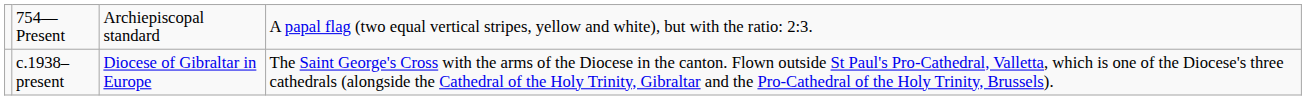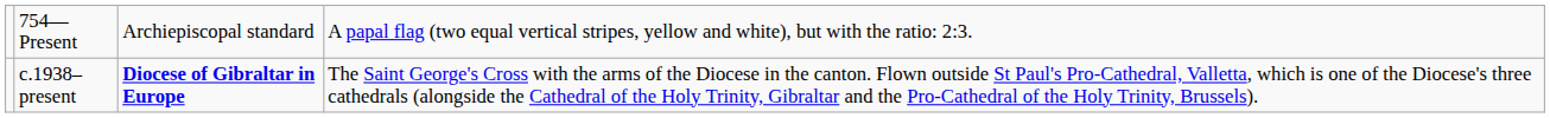 <table class="wikitable">
 <tr>
 <td></td>
 <td>754—Present</td>
 <td>Archiepiscopal standard</td>
 <td>A <a href='#'>papal flag</a> (two equal vertical stripes, yellow and white), but with the ratio: 2:3.</td>
 </tr>
 <tr>
 <td></td>
 <td>c.1938–present</td>
-<td><a href='#'>Diocese of Gibraltar in Europe</a></td>
+<td><strong><a href='#'>Diocese of Gibraltar in Europe</a></strong></td>
 <td>The <a href='#'>Saint George's Cross</a> with the arms of the Diocese  in the canton. Flown outside <a href='#'>St Paul's Pro-Cathedral, Valletta</a>, which is one of the Diocese's three cathedrals (alongside the <a href='#'>Cathedral of the Holy Trinity, Gibraltar</a> and the <a href='#'>Pro-Cathedral of the Holy Trinity, Brussels</a>).</td>
 </tr>
 </table>
